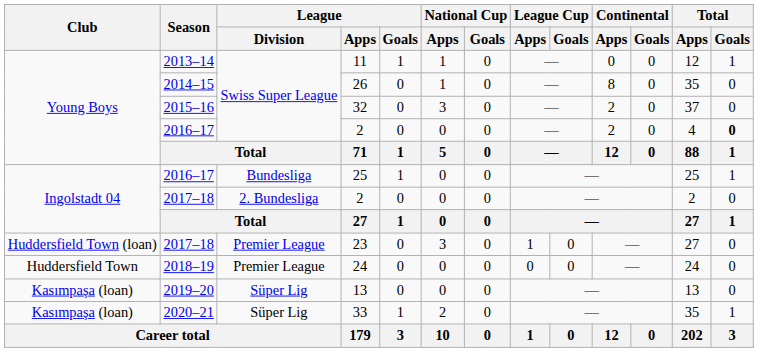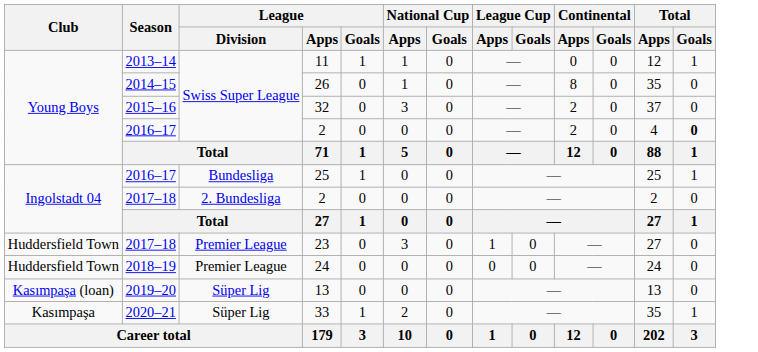 <table class="wikitable" style="text-align: center">
 <tr>
 <th rowspan="2">Club</th>
 <th rowspan="2">Season</th>
 <th colspan="3">League</th>
 <th colspan="2">National Cup</th>
 <th colspan="2">League Cup</th>
 <th colspan="2">Continental</th>
 <th colspan="2">Total</th>
 </tr>
 <tr>
 <th>Division</th>
 <th>Apps</th>
 <th>Goals</th>
 <th>Apps</th>
 <th>Goals</th>
 <th>Apps</th>
 <th>Goals</th>
 <th>Apps</th>
 <th>Goals</th>
 <th>Apps</th>
 <th>Goals</th>
 </tr>
 <tr>
 <td rowspan="5"><a href='#'>Young Boys</a></td>
 <td><a href='#'>2013–14</a></td>
 <td rowspan="4"><a href='#'>Swiss Super League</a></td>
 <td>11</td>
 <td>1</td>
 <td>1</td>
 <td>0</td>
 <td colspan="2">—</td>
 <td>0</td>
 <td>0</td>
 <td>12</td>
 <td>1</td>
 </tr>
 <tr>
 <td><a href='#'>2014–15</a></td>
 <td>26</td>
 <td>0</td>
 <td>1</td>
 <td>0</td>
 <td colspan="2">—</td>
 <td>8</td>
 <td>0</td>
 <td>35</td>
 <td>0</td>
 </tr>
 <tr>
 <td><a href='#'>2015–16</a></td>
 <td>32</td>
 <td>0</td>
 <td>3</td>
 <td>0</td>
 <td colspan="2">—</td>
 <td>2</td>
 <td>0</td>
 <td>37</td>
 <td>0</td>
 </tr>
 <tr>
 <td><a href='#'>2016–17</a></td>
 <td>2</td>
 <td>0</td>
 <td>0</td>
 <td>0</td>
 <td colspan="2">—</td>
 <td>2</td>
 <td>0</td>
 <td>4</td>
 <td><strong>0</strong></td>
 </tr>
 <tr>
 <th colspan="2">Total</th>
 <th>71</th>
 <th>1</th>
 <th>5</th>
 <th>0</th>
 <th colspan="2">—</th>
 <th>12</th>
 <th>0</th>
 <th>88</th>
 <th>1</th>
 </tr>
 <tr>
 <td rowspan="3"><a href='#'>Ingolstadt 04</a></td>
 <td><a href='#'>2016–17</a></td>
 <td><a href='#'>Bundesliga</a></td>
 <td>25</td>
 <td>1</td>
 <td>0</td>
 <td>0</td>
 <td colspan="4">—</td>
 <td>25</td>
 <td>1</td>
 </tr>
 <tr>
 <td><a href='#'>2017–18</a></td>
 <td><a href='#'>2. Bundesliga</a></td>
 <td>2</td>
 <td>0</td>
 <td>0</td>
 <td>0</td>
 <td colspan="4">—</td>
 <td>2</td>
 <td>0</td>
 </tr>
 <tr>
 <th colspan="2">Total</th>
 <th>27</th>
 <th>1</th>
 <th>0</th>
 <th>0</th>
 <th colspan="4">—</th>
 <th>27</th>
 <th>1</th>
 </tr>
 <tr>
-<td><a href='#'>Huddersfield Town</a>  (loan)</td>
+<td>Huddersfield Town</td>
 <td><a href='#'>2017–18</a></td>
 <td><a href='#'>Premier League</a></td>
 <td>23</td>
 <td>0</td>
 <td>3</td>
 <td>0</td>
 <td>1</td>
 <td>0</td>
 <td colspan="2">—</td>
 <td>27</td>
 <td>0</td>
 </tr>
 <tr>
 <td>Huddersfield Town</td>
 <td><a href='#'>2018–19</a></td>
 <td>Premier League</td>
 <td>24</td>
 <td>0</td>
 <td>0</td>
 <td>0</td>
 <td>0</td>
 <td>0</td>
 <td colspan="2">—</td>
 <td>24</td>
 <td>0</td>
 </tr>
 <tr>
 <td><a href='#'>Kasımpaşa</a> (loan)</td>
 <td><a href='#'>2019–20</a></td>
 <td><a href='#'>Süper Lig</a></td>
 <td>13</td>
 <td>0</td>
 <td>0</td>
 <td>0</td>
 <td colspan="4">—</td>
 <td>13</td>
 <td>0</td>
 </tr>
 <tr>
-<td><a href='#'>Kasımpaşa</a> (loan)</td>
+<td>Kasımpaşa</td>
 <td><a href='#'>2020–21</a></td>
 <td>Süper Lig</td>
 <td>33</td>
 <td>1</td>
 <td>2</td>
 <td>0</td>
 <td colspan="4">—</td>
 <td>35</td>
 <td>1</td>
 </tr>
 <tr>
 <th colspan="3">Career total</th>
 <th>179</th>
 <th>3</th>
 <th>10</th>
 <th>0</th>
 <th>1</th>
 <th>0</th>
 <th>12</th>
 <th>0</th>
 <th>202</th>
 <th>3</th>
 </tr>
 </table>
